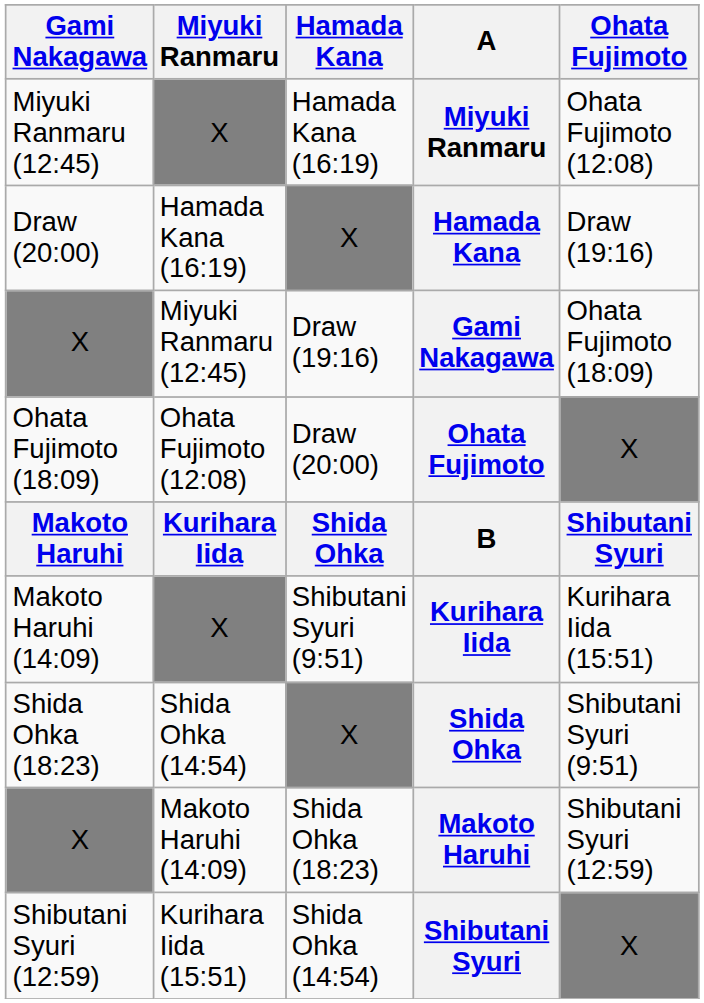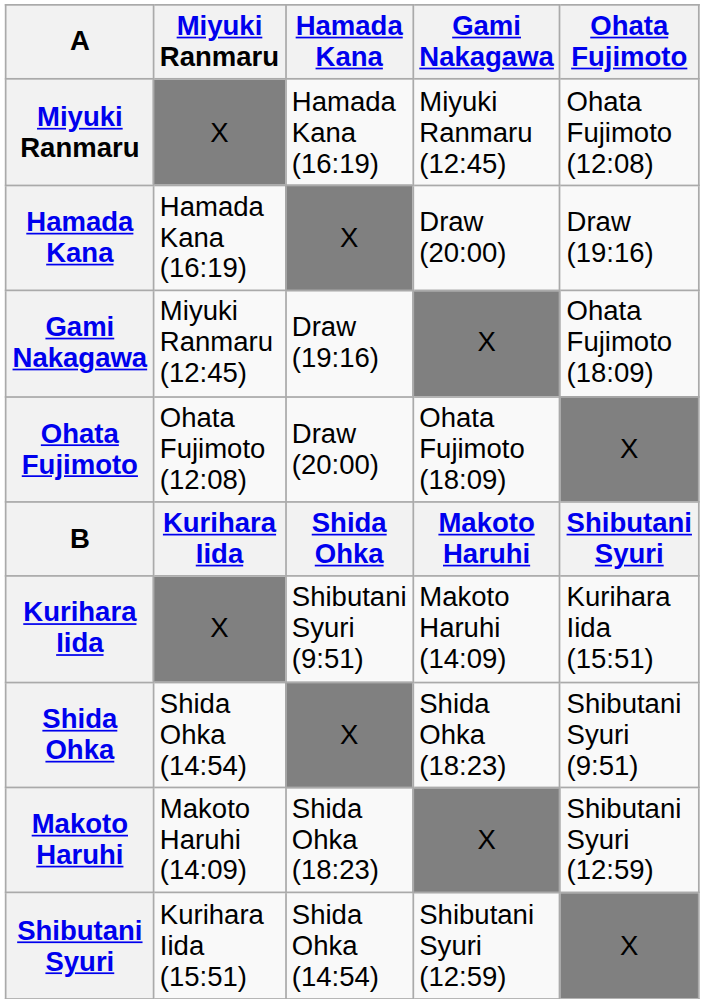 <table class="wikitable" align=center style="margin: 1em auto 1em auto">
 <tr>
-<th><a href='#'>Gami</a><br><a href='#'>Nakagawa</a></th>
+<th>A</th>
 <th><a href='#'>Miyuki</a><br>Ranmaru</th>
 <th><a href='#'>Hamada</a><br><a href='#'>Kana</a></th>
-<th>A</th>
+<th><a href='#'>Gami</a><br><a href='#'>Nakagawa</a></th>
 <th><a href='#'>Ohata</a><br><a href='#'>Fujimoto</a></th>
 </tr>
 <tr>
-<td>Miyuki<br>Ranmaru<br>(12:45)</td>
+<th><a href='#'>Miyuki</a><br>Ranmaru</th>
 <td bgcolor=grey align="center">X</td>
 <td>Hamada<br>Kana<br>(16:19)</td>
-<th><a href='#'>Miyuki</a><br>Ranmaru</th>
+<td>Miyuki<br>Ranmaru<br>(12:45)</td>
 <td>Ohata<br>Fujimoto<br>(12:08)</td>
 </tr>
 <tr>
-<td>Draw<br>(20:00)</td>
+<th><a href='#'>Hamada</a><br><a href='#'>Kana</a></th>
 <td>Hamada<br>Kana<br>(16:19)</td>
 <td bgcolor=grey align="center">X</td>
-<th><a href='#'>Hamada</a><br><a href='#'>Kana</a></th>
+<td>Draw<br>(20:00)</td>
 <td>Draw<br>(19:16)</td>
 </tr>
 <tr>
-<td bgcolor=grey align="center">X</td>
+<th><a href='#'>Gami</a><br><a href='#'>Nakagawa</a></th>
 <td>Miyuki<br>Ranmaru<br>(12:45)</td>
 <td>Draw<br>(19:16)</td>
-<th><a href='#'>Gami</a><br><a href='#'>Nakagawa</a></th>
+<td bgcolor=grey align="center">X</td>
 <td>Ohata<br>Fujimoto<br>(18:09)</td>
 </tr>
 <tr>
-<td>Ohata<br>Fujimoto<br>(18:09)</td>
+<th><a href='#'>Ohata</a><br><a href='#'>Fujimoto</a></th>
 <td>Ohata<br>Fujimoto<br>(12:08)</td>
 <td>Draw<br>(20:00)</td>
-<th><a href='#'>Ohata</a><br><a href='#'>Fujimoto</a></th>
+<td>Ohata<br>Fujimoto<br>(18:09)</td>
 <td bgcolor=grey align="center">X</td>
 </tr>
 <tr>
-<th><a href='#'>Makoto</a><br><a href='#'>Haruhi</a></th>
+<th>B</th>
 <th><a href='#'>Kurihara</a><br><a href='#'>Iida</a></th>
 <th><a href='#'>Shida</a><br><a href='#'>Ohka</a></th>
-<th>B</th>
+<th><a href='#'>Makoto</a><br><a href='#'>Haruhi</a></th>
 <th><a href='#'>Shibutani</a><br><a href='#'>Syuri</a></th>
 </tr>
 <tr>
-<td>Makoto<br>Haruhi<br>(14:09)</td>
+<th><a href='#'>Kurihara</a><br><a href='#'>Iida</a></th>
 <td bgcolor=grey align="center">X</td>
 <td>Shibutani<br>Syuri<br>(9:51)</td>
-<th><a href='#'>Kurihara</a><br><a href='#'>Iida</a></th>
+<td>Makoto<br>Haruhi<br>(14:09)</td>
 <td>Kurihara<br>Iida<br>(15:51)</td>
 </tr>
 <tr>
-<td>Shida<br>Ohka<br>(18:23)</td>
+<th><a href='#'>Shida</a><br><a href='#'>Ohka</a></th>
 <td>Shida<br>Ohka<br>(14:54)</td>
 <td bgcolor=grey align="center">X</td>
-<th><a href='#'>Shida</a><br><a href='#'>Ohka</a></th>
+<td>Shida<br>Ohka<br>(18:23)</td>
 <td>Shibutani<br>Syuri<br>(9:51)</td>
 </tr>
 <tr>
-<td bgcolor=grey align="center">X</td>
+<th><a href='#'>Makoto</a><br><a href='#'>Haruhi</a></th>
 <td>Makoto<br>Haruhi<br>(14:09)</td>
 <td>Shida<br>Ohka<br>(18:23)</td>
-<th><a href='#'>Makoto</a><br><a href='#'>Haruhi</a></th>
+<td bgcolor=grey align="center">X</td>
 <td>Shibutani<br>Syuri<br>(12:59)</td>
 </tr>
 <tr>
-<td>Shibutani<br>Syuri<br>(12:59)</td>
+<th><a href='#'>Shibutani</a><br><a href='#'>Syuri</a></th>
 <td>Kurihara<br>Iida<br>(15:51)</td>
 <td>Shida<br>Ohka<br>(14:54)</td>
-<th><a href='#'>Shibutani</a><br><a href='#'>Syuri</a></th>
+<td>Shibutani<br>Syuri<br>(12:59)</td>
 <td bgcolor=grey align="center">X</td>
 </tr>
 </table>
